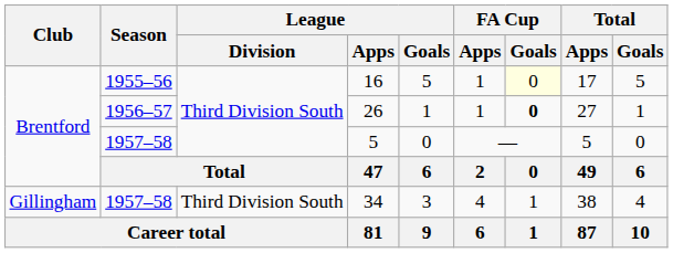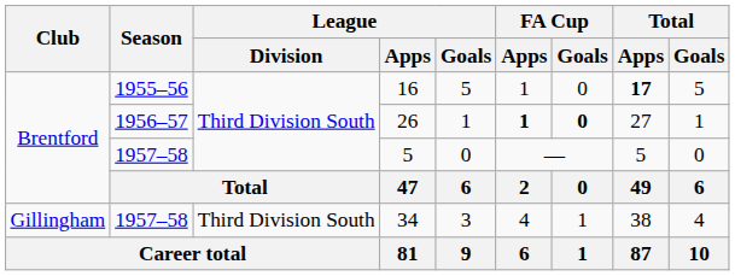 <table class="wikitable" style="text-align: center;">
 <tr>
 <th rowspan="2">Club</th>
 <th rowspan="2">Season</th>
 <th colspan="3">League</th>
 <th colspan="2">FA Cup</th>
 <th colspan="2">Total</th>
 </tr>
 <tr>
 <th>Division</th>
 <th>Apps</th>
 <th>Goals</th>
 <th>Apps</th>
 <th>Goals</th>
 <th>Apps</th>
 <th>Goals</th>
 </tr>
 <tr>
 <td rowspan="4"><a href='#'>Brentford</a></td>
 <td><a href='#'>1955–56</a></td>
 <td rowspan="3"><a href='#'>Third Division South</a></td>
 <td>16</td>
 <td>5</td>
 <td>1</td>
-<td style="background: lightyellow;">0</td>
-<td>17</td>
+<td>0</td>
+<td><strong>17</strong></td>
 <td>5</td>
 </tr>
 <tr>
 <td><a href='#'>1956–57</a></td>
 <td>26</td>
 <td>1</td>
-<td>1</td>
+<td><strong>1</strong></td>
 <td><strong>0</strong></td>
 <td>27</td>
 <td>1</td>
 </tr>
 <tr>
 <td><a href='#'>1957–58</a></td>
 <td>5</td>
 <td>0</td>
 <td colspan="2">—</td>
 <td>5</td>
 <td>0</td>
 </tr>
 <tr>
 <th colspan="2">Total</th>
 <th>47</th>
 <th>6</th>
 <th>2</th>
 <th>0</th>
 <th>49</th>
 <th>6</th>
 </tr>
 <tr>
 <td><a href='#'>Gillingham</a></td>
 <td><a href='#'>1957–58</a></td>
 <td>Third Division South</td>
 <td>34</td>
 <td>3</td>
 <td>4</td>
 <td>1</td>
 <td>38</td>
 <td>4</td>
 </tr>
 <tr>
 <th colspan="3">Career total</th>
 <th>81</th>
 <th>9</th>
 <th>6</th>
 <th>1</th>
 <th>87</th>
 <th>10</th>
 </tr>
 </table>
